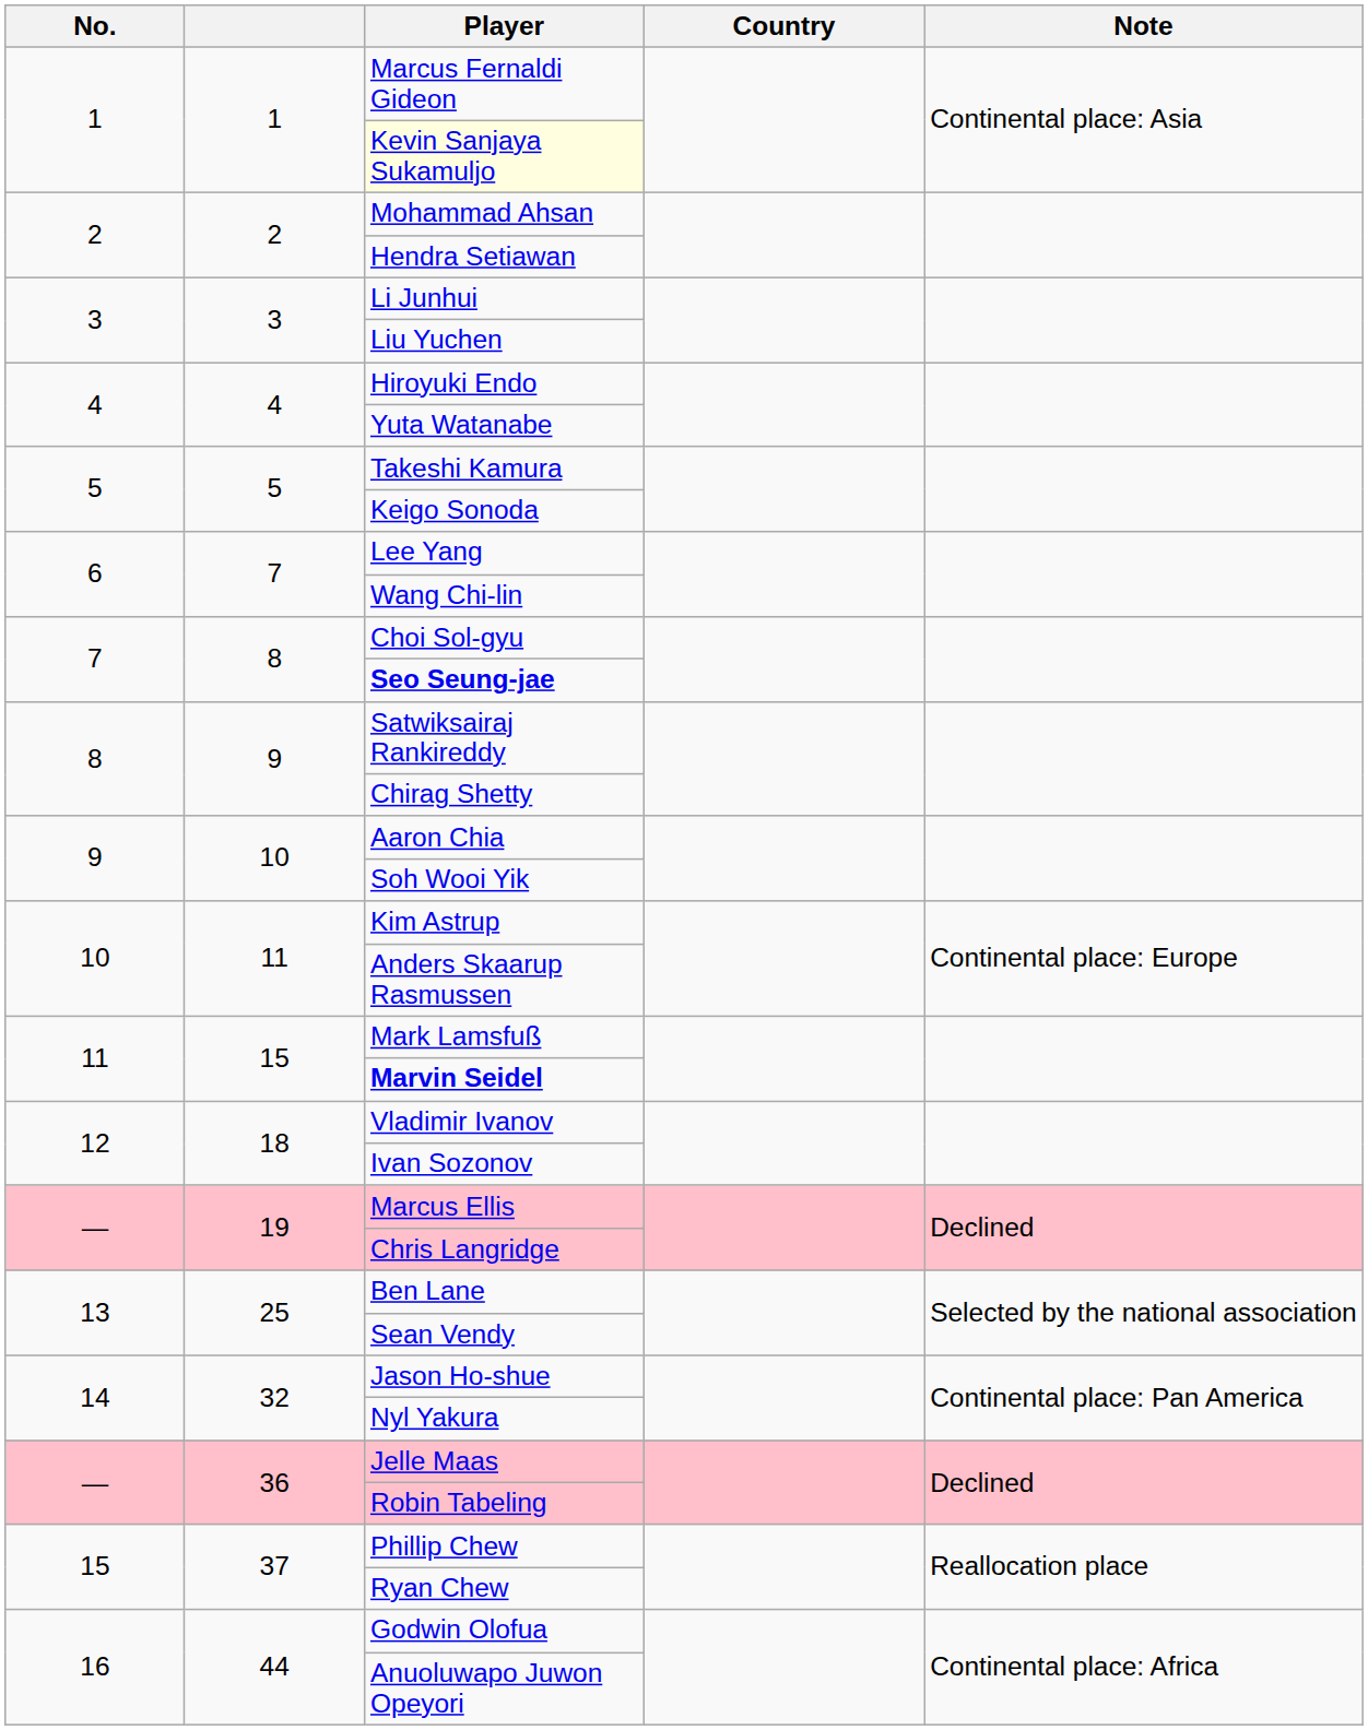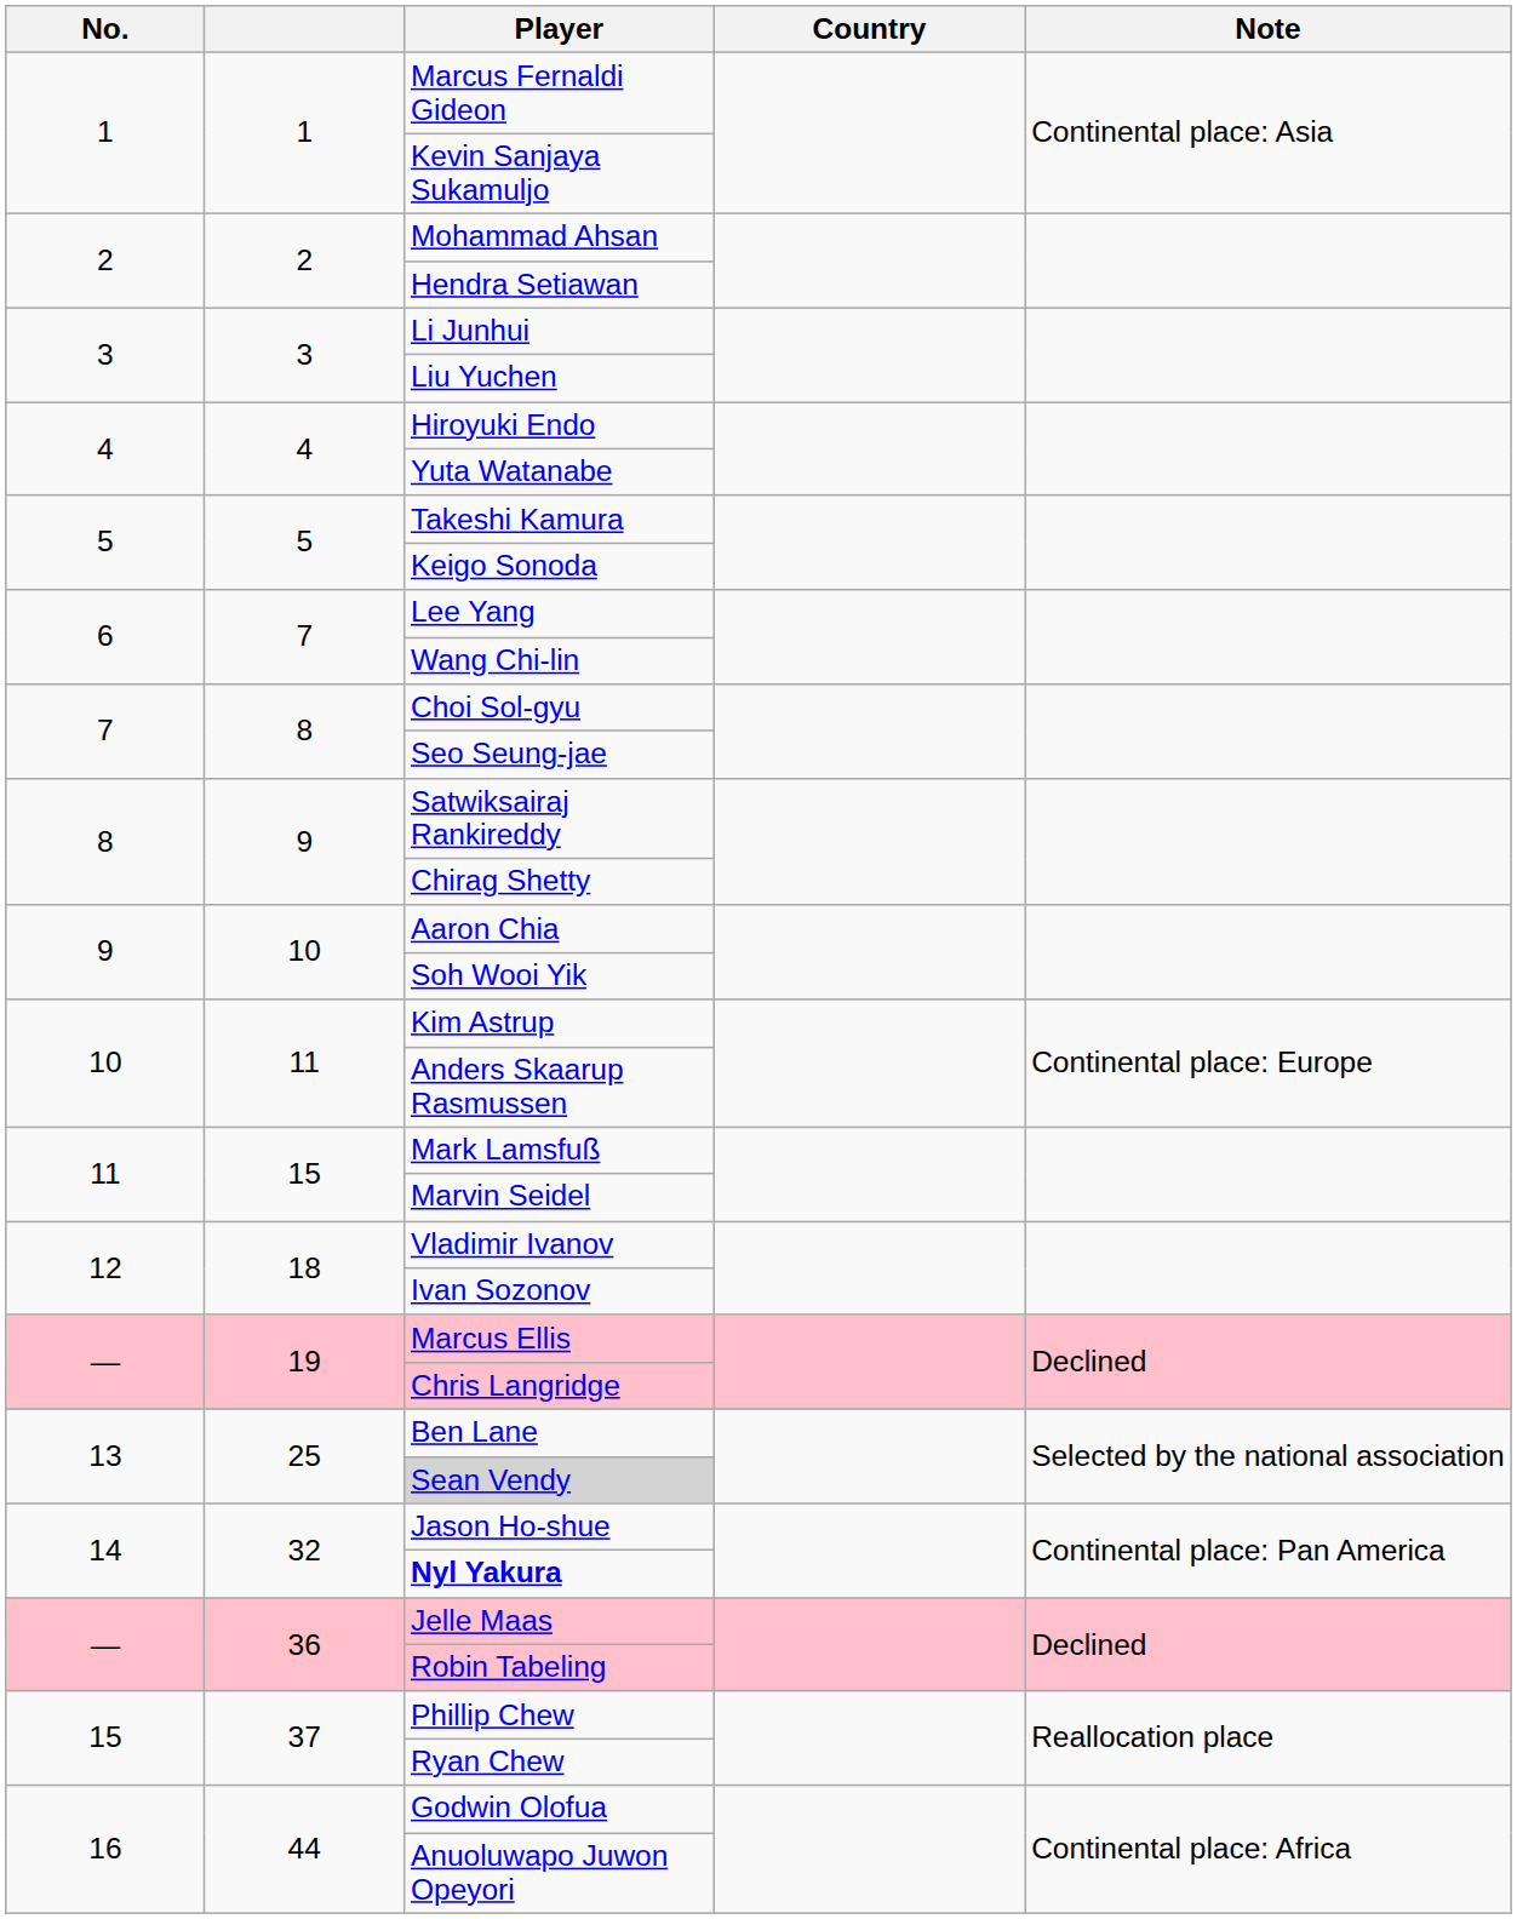 <table class="wikitable sortable" style="text-align:center">
 <tr>
 <th width="100">No.</th>
 <th width="100"></th>
 <th width="160">Player</th>
 <th width="160">Country</th>
 <th>Note</th>
 </tr>
 <tr>
 <td rowspan="2">1</td>
 <td rowspan="2">1</td>
 <td align="left"><a href='#'>Marcus Fernaldi Gideon</a></td>
 <td rowspan="2" align="left"></td>
 <td rowspan="2" align="left">Continental place: Asia</td>
 </tr>
 <tr>
-<td align="left" style="background: lightyellow;"><a href='#'>Kevin Sanjaya Sukamuljo</a></td>
+<td align="left"><a href='#'>Kevin Sanjaya Sukamuljo</a></td>
 </tr>
 <tr>
 <td rowspan="2">2</td>
 <td rowspan="2">2</td>
 <td align="left"><a href='#'>Mohammad Ahsan</a></td>
 <td rowspan="2" align="left"></td>
 <td rowspan="2"></td>
 </tr>
 <tr>
 <td align="left"><a href='#'>Hendra Setiawan</a></td>
 </tr>
 <tr>
 <td rowspan="2">3</td>
 <td rowspan="2">3</td>
 <td align="left"><a href='#'>Li Junhui</a></td>
 <td rowspan="2" align="left"></td>
 <td rowspan="2"></td>
 </tr>
 <tr>
 <td align="left"><a href='#'>Liu Yuchen</a></td>
 </tr>
 <tr>
 <td rowspan="2">4</td>
 <td rowspan="2">4</td>
 <td align="left"><a href='#'>Hiroyuki Endo</a></td>
 <td rowspan="2" align="left"></td>
 <td rowspan="2"></td>
 </tr>
 <tr>
 <td align="left"><a href='#'>Yuta Watanabe</a></td>
 </tr>
 <tr>
 <td rowspan="2">5</td>
 <td rowspan="2">5</td>
 <td align="left"><a href='#'>Takeshi Kamura</a></td>
 <td rowspan="2" align="left"></td>
 <td rowspan="2"></td>
 </tr>
 <tr>
 <td align="left"><a href='#'>Keigo Sonoda</a></td>
 </tr>
 <tr>
 <td rowspan="2">6</td>
 <td rowspan="2">7</td>
 <td align="left"><a href='#'>Lee Yang</a></td>
 <td rowspan="2" align="left"></td>
 <td rowspan="2"></td>
 </tr>
 <tr>
 <td align="left"><a href='#'>Wang Chi-lin</a></td>
 </tr>
 <tr>
 <td rowspan="2">7</td>
 <td rowspan="2">8</td>
 <td align="left"><a href='#'>Choi Sol-gyu</a></td>
 <td rowspan="2" align="left"></td>
 <td rowspan="2"></td>
 </tr>
 <tr>
-<td align="left"><strong><a href='#'>Seo Seung-jae</a></strong></td>
+<td align="left"><a href='#'>Seo Seung-jae</a></td>
 </tr>
 <tr>
 <td rowspan="2">8</td>
 <td rowspan="2">9</td>
 <td align="left"><a href='#'>Satwiksairaj Rankireddy</a></td>
 <td rowspan="2" align="left"></td>
 <td rowspan="2"></td>
 </tr>
 <tr>
 <td align="left"><a href='#'>Chirag Shetty</a></td>
 </tr>
 <tr>
 <td rowspan="2">9</td>
 <td rowspan="2">10</td>
 <td align="left"><a href='#'>Aaron Chia</a></td>
 <td rowspan="2" align="left"></td>
 <td rowspan="2"></td>
 </tr>
 <tr>
 <td align="left"><a href='#'>Soh Wooi Yik</a></td>
 </tr>
 <tr>
 <td rowspan="2">10</td>
 <td rowspan="2">11</td>
 <td align="left"><a href='#'>Kim Astrup</a></td>
 <td rowspan="2" align="left"></td>
 <td rowspan="2" align="left">Continental place: Europe</td>
 </tr>
 <tr>
 <td align="left"><a href='#'>Anders Skaarup Rasmussen</a></td>
 </tr>
 <tr>
 <td rowspan="2">11</td>
 <td rowspan="2">15</td>
 <td align="left"><a href='#'>Mark Lamsfuß</a></td>
 <td rowspan="2" align="left"></td>
 <td rowspan="2"></td>
 </tr>
 <tr>
-<td align="left"><strong><a href='#'>Marvin Seidel</a></strong></td>
+<td align="left"><a href='#'>Marvin Seidel</a></td>
 </tr>
 <tr>
 <td rowspan="2">12</td>
 <td rowspan="2">18</td>
 <td align="left"><a href='#'>Vladimir Ivanov</a></td>
 <td rowspan="2" align="left"></td>
 <td rowspan="2"></td>
 </tr>
 <tr>
 <td align="left"><a href='#'>Ivan Sozonov</a></td>
 </tr>
 <tr bgcolor=#ffc0cb>
 <td rowspan="2">—</td>
 <td rowspan="2">19</td>
 <td align="left"><a href='#'>Marcus Ellis</a></td>
 <td rowspan="2" align="left"></td>
 <td rowspan="2" align="left">Declined</td>
 </tr>
 <tr bgcolor=#ffc0cb>
 <td align="left"><a href='#'>Chris Langridge</a></td>
 </tr>
 <tr>
 <td rowspan="2">13</td>
 <td rowspan="2">25</td>
 <td align="left"><a href='#'>Ben Lane</a></td>
 <td rowspan="2" align="left"></td>
 <td rowspan="2">Selected by the national association</td>
 </tr>
 <tr>
-<td align="left"><a href='#'>Sean Vendy</a></td>
+<td align="left" style="background: lightgrey;"><a href='#'>Sean Vendy</a></td>
 </tr>
 <tr>
 <td rowspan="2">14</td>
 <td rowspan="2">32</td>
 <td align="left"><a href='#'>Jason Ho-shue</a></td>
 <td rowspan="2" align="left"></td>
 <td rowspan="2" align="left">Continental place: Pan America</td>
 </tr>
 <tr>
-<td align="left"><a href='#'>Nyl Yakura</a></td>
+<td align="left"><strong><a href='#'>Nyl Yakura</a></strong></td>
 </tr>
 <tr bgcolor=#ffc0cb>
 <td rowspan="2">—</td>
 <td rowspan="2">36</td>
 <td align="left"><a href='#'>Jelle Maas</a></td>
 <td rowspan="2" align="left"></td>
 <td rowspan="2" align="left">Declined</td>
 </tr>
 <tr bgcolor=#ffc0cb>
 <td align="left"><a href='#'>Robin Tabeling</a></td>
 </tr>
 <tr>
 <td rowspan="2">15</td>
 <td rowspan="2">37</td>
 <td align="left"><a href='#'>Phillip Chew</a></td>
 <td rowspan="2" align="left"></td>
 <td rowspan="2" align="left">Reallocation place</td>
 </tr>
 <tr>
 <td align="left"><a href='#'>Ryan Chew</a></td>
 </tr>
 <tr>
 <td rowspan="2">16</td>
 <td rowspan="2">44</td>
 <td align="left"><a href='#'>Godwin Olofua</a></td>
 <td rowspan="2" align="left"></td>
 <td rowspan="2" align="left">Continental place: Africa</td>
 </tr>
 <tr>
 <td align="left"><a href='#'>Anuoluwapo Juwon Opeyori</a></td>
 </tr>
 </table>
